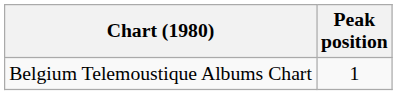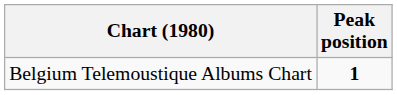 <table class="wikitable sortable">
 <tr>
 <th>Chart (1980)</th>
 <th>Peak<br>position</th>
 </tr>
 <tr>
 <td align="left">Belgium Telemoustique Albums Chart</td>
-<td style="text-align:center;">1</td>
+<td style="text-align:center;"><strong>1</strong></td>
 </tr>
 </table>
